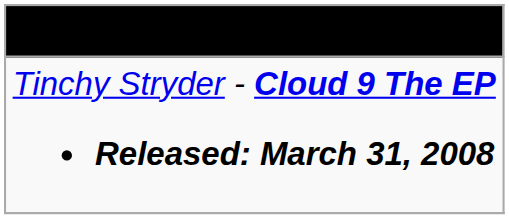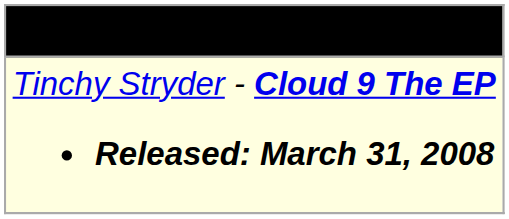 <table class="wikitable">
 <tr>
 <th style="background:#000000;" align="center"><span>Information</span></th>
 </tr>
 <tr>
-<td align="left"><em><a href='#'>Tinchy Stryder</a> - <strong><a href='#'>Cloud 9 The EP</a><strong><em><br><ul><li>Released: March 31, 2008</li></ul></td>
+<td align="left" style="background: lightyellow;"><em><a href='#'>Tinchy Stryder</a> - <strong><a href='#'>Cloud 9 The EP</a><strong><em><br><ul><li>Released: March 31, 2008</li></ul></td>
 </tr>
 <tr>
 </tr>
 </table>
